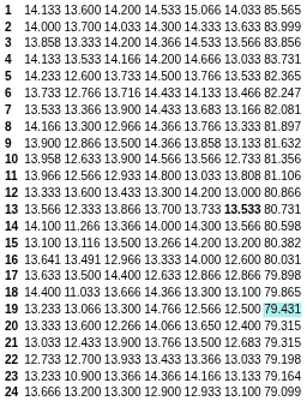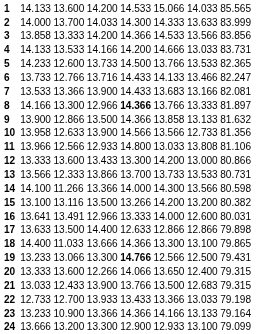 <table>
 <tr>
 <td><strong>1</strong></td>
 <td align=left></td>
 <td>14.133</td>
 <td>13.600</td>
 <td>14.200</td>
 <td>14.533</td>
 <td>15.066</td>
 <td>14.033</td>
 <td>85.565</td>
 </tr>
 <tr>
 <td><strong>2</strong></td>
 <td align=left></td>
 <td>14.000</td>
 <td>13.700</td>
 <td>14.033</td>
 <td>14.300</td>
 <td>14.333</td>
 <td>13.633</td>
 <td>83.999</td>
 </tr>
 <tr>
 <td><strong>3</strong></td>
 <td align=left></td>
 <td>13.858</td>
 <td>13.333</td>
 <td>14.200</td>
 <td>14.366</td>
 <td>14.533</td>
 <td>13.566</td>
 <td>83.856</td>
 </tr>
 <tr>
 <td><strong>4</strong></td>
 <td align=left></td>
 <td>14.133</td>
 <td>13.533</td>
 <td>14.166</td>
 <td>14.200</td>
 <td>14.666</td>
 <td>13.033</td>
 <td>83.731</td>
 </tr>
 <tr>
 <td><strong>5</strong></td>
 <td align=left></td>
 <td>14.233</td>
 <td>12.600</td>
 <td>13.733</td>
 <td>14.500</td>
 <td>13.766</td>
 <td>13.533</td>
 <td>82.365</td>
 </tr>
 <tr>
 <td><strong>6</strong></td>
 <td align=left></td>
 <td>13.733</td>
 <td>12.766</td>
 <td>13.716</td>
 <td>14.433</td>
 <td>14.133</td>
 <td>13.466</td>
 <td>82.247</td>
 </tr>
 <tr>
 <td><strong>7</strong></td>
 <td align=left></td>
 <td>13.533</td>
 <td>13.366</td>
 <td>13.900</td>
 <td>14.433</td>
 <td>13.683</td>
 <td>13.166</td>
 <td>82.081</td>
 </tr>
 <tr>
 <td><strong>8</strong></td>
 <td align=left></td>
 <td>14.166</td>
 <td>13.300</td>
 <td>12.966</td>
-<td>14.366</td>
+<td><strong>14.366</strong></td>
 <td>13.766</td>
 <td>13.333</td>
 <td>81.897</td>
 </tr>
 <tr>
 <td><strong>9</strong></td>
 <td align=left></td>
 <td>13.900</td>
 <td>12.866</td>
 <td>13.500</td>
 <td>14.366</td>
 <td>13.858</td>
 <td>13.133</td>
 <td>81.632</td>
 </tr>
 <tr>
 <td><strong>10</strong></td>
 <td align=left></td>
 <td>13.958</td>
 <td>12.633</td>
 <td>13.900</td>
 <td>14.566</td>
 <td>13.566</td>
 <td>12.733</td>
 <td>81.356</td>
 </tr>
 <tr>
 <td><strong>11</strong></td>
 <td align=left></td>
 <td>13.966</td>
 <td>12.566</td>
 <td>12.933</td>
 <td>14.800</td>
 <td>13.033</td>
 <td>13.808</td>
 <td>81.106</td>
 </tr>
 <tr>
 <td><strong>12</strong></td>
 <td align=left></td>
 <td>13.333</td>
 <td>13.600</td>
 <td>13.433</td>
 <td>13.300</td>
 <td>14.200</td>
 <td>13.000</td>
 <td>80.866</td>
 </tr>
 <tr>
 <td><strong>13</strong></td>
 <td align=left></td>
 <td>13.566</td>
 <td>12.333</td>
 <td>13.866</td>
 <td>13.700</td>
 <td>13.733</td>
-<td><strong>13.533</strong></td>
+<td>13.533</td>
 <td>80.731</td>
 </tr>
 <tr>
 <td><strong>14</strong></td>
 <td align=left></td>
 <td>14.100</td>
 <td>11.266</td>
 <td>13.366</td>
 <td>14.000</td>
 <td>14.300</td>
 <td>13.566</td>
 <td>80.598</td>
 </tr>
 <tr>
 <td><strong>15</strong></td>
 <td align=left></td>
 <td>13.100</td>
 <td>13.116</td>
 <td>13.500</td>
 <td>13.266</td>
 <td>14.200</td>
 <td>13.200</td>
 <td>80.382</td>
 </tr>
 <tr>
 <td><strong>16</strong></td>
 <td align=left></td>
 <td>13.641</td>
 <td>13.491</td>
 <td>12.966</td>
 <td>13.333</td>
 <td>14.000</td>
 <td>12.600</td>
 <td>80.031</td>
 </tr>
 <tr>
 <td><strong>17</strong></td>
 <td align=left></td>
 <td>13.633</td>
 <td>13.500</td>
 <td>14.400</td>
 <td>12.633</td>
 <td>12.866</td>
 <td>12.866</td>
 <td>79.898</td>
 </tr>
 <tr>
 <td><strong>18</strong></td>
 <td align=left></td>
 <td>14.400</td>
 <td>11.033</td>
 <td>13.666</td>
 <td>14.366</td>
 <td>13.300</td>
 <td>13.100</td>
 <td>79.865</td>
 </tr>
 <tr>
 <td><strong>19</strong></td>
 <td align=left></td>
 <td>13.233</td>
 <td>13.066</td>
 <td>13.300</td>
-<td>14.766</td>
+<td><strong>14.766</strong></td>
 <td>12.566</td>
 <td>12.500</td>
-<td style="background: paleturquoise;">79.431</td>
+<td>79.431</td>
 </tr>
 <tr>
 <td><strong>20</strong></td>
 <td align=left></td>
 <td>13.333</td>
 <td>13.600</td>
 <td>12.266</td>
 <td>14.066</td>
 <td>13.650</td>
 <td>12.400</td>
 <td>79.315</td>
 </tr>
 <tr>
 <td><strong>21</strong></td>
 <td align=left></td>
 <td>13.033</td>
 <td>12.433</td>
 <td>13.900</td>
 <td>13.766</td>
 <td>13.500</td>
 <td>12.683</td>
 <td>79.315</td>
 </tr>
 <tr>
 <td><strong>22</strong></td>
 <td align=left></td>
 <td>12.733</td>
 <td>12.700</td>
 <td>13.933</td>
 <td>13.433</td>
 <td>13.366</td>
 <td>13.033</td>
 <td>79.198</td>
 </tr>
 <tr>
 <td><strong>23</strong></td>
 <td align=left></td>
 <td>13.233</td>
 <td>10.900</td>
 <td>13.366</td>
 <td>14.366</td>
 <td>14.166</td>
 <td>13.133</td>
 <td>79.164</td>
 </tr>
 <tr>
 <td><strong>24</strong></td>
 <td align=left></td>
 <td>13.666</td>
 <td>13.200</td>
 <td>13.300</td>
 <td>12.900</td>
 <td>12.933</td>
 <td>13.100</td>
 <td>79.099</td>
 </tr>
 </table>
